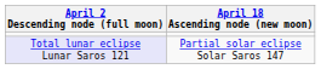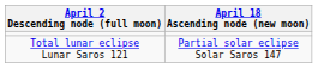 <table class="wikitable">
 <tr>
 <th><a href='#'>April 2</a><br>Descending node (full moon)</th>
 <th><a href='#'>April 18</a><br>Ascending node (new moon)</th>
 </tr>
 <tr>
 <td></td>
 <td></td>
 </tr>
 <tr align=center>
-<td style="background: lavender;"><a href='#'>Total lunar eclipse</a><br>Lunar Saros 121</td>
+<td><a href='#'>Total lunar eclipse</a><br>Lunar Saros 121</td>
 <td><a href='#'>Partial solar eclipse</a><br>Solar Saros 147</td>
 </tr>
 </table>
